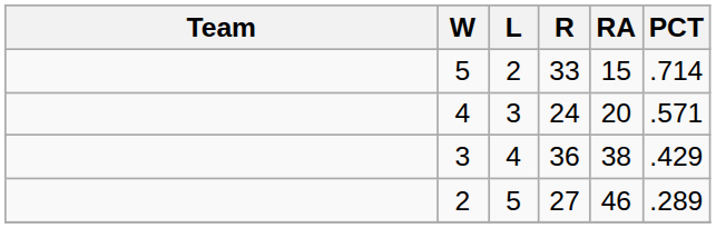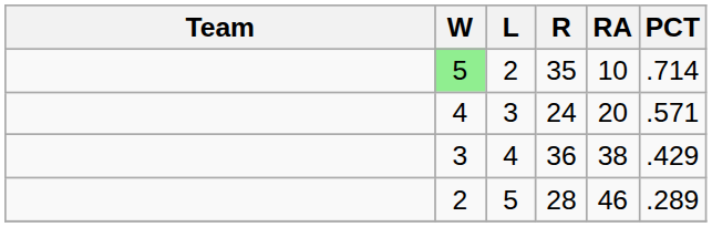 <table class=wikitable style="text-align:center;font-size:90%">
 <tr>
 <th width=220>Team</th>
 <th width=20>W</th>
 <th width=20>L</th>
 <th width=20>R</th>
 <th width=20>RA</th>
 <th width=20>PCT</th>
 </tr>
 <tr>
 <td align=left></td>
-<td>5</td>
+<td style="background: lightgreen;">5</td>
 <td>2</td>
-<td>33</td>
-<td>15</td>
+<td>35</td>
+<td>10</td>
 <td>.714</td>
 </tr>
 <tr>
 <td align=left></td>
 <td>4</td>
 <td>3</td>
 <td>24</td>
 <td>20</td>
 <td>.571</td>
 </tr>
 <tr>
 <td align=left></td>
 <td>3</td>
 <td>4</td>
 <td>36</td>
 <td>38</td>
 <td>.429</td>
 </tr>
 <tr>
 <td align=left></td>
 <td>2</td>
 <td>5</td>
-<td>27</td>
+<td>28</td>
 <td>46</td>
 <td>.289</td>
 </tr>
 <tr>
 </tr>
 </table>
